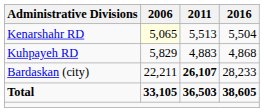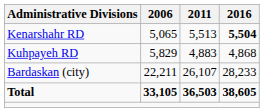 <table class="wikitable">
 <tr>
 <th>Administrative Divisions</th>
 <th>2006</th>
 <th>2011</th>
 <th>2016</th>
 </tr>
 <tr>
 <td><a href='#'>Kenarshahr RD</a></td>
-<td style="background: lightyellow; text-align: right;">5,065</td>
+<td style="text-align: right;">5,065</td>
 <td style="text-align: right;">5,513</td>
-<td style="text-align: right;">5,504</td>
+<td style="text-align: right;"><strong>5,504</strong></td>
 </tr>
 <tr>
 <td><a href='#'>Kuhpayeh RD</a></td>
 <td style="text-align: right;">5,829</td>
 <td style="text-align: right;">4,883</td>
 <td style="text-align: right;">4,868</td>
 </tr>
 <tr>
 <td><a href='#'>Bardaskan</a> (city)</td>
 <td style="text-align: right;">22,211</td>
-<td style="text-align: right;"><strong>26,107</strong></td>
+<td style="text-align: right;">26,107</td>
 <td style="text-align: right;">28,233</td>
 </tr>
 <tr>
 <td><strong>Total</strong></td>
 <td style="text-align: right;"><strong>33,105</strong></td>
 <td style="text-align: right;"><strong>36,503</strong></td>
 <td style="text-align: right;"><strong>38,605</strong></td>
 </tr>
 <tr>
 <td colspan=4></td>
 </tr>
 </table>
